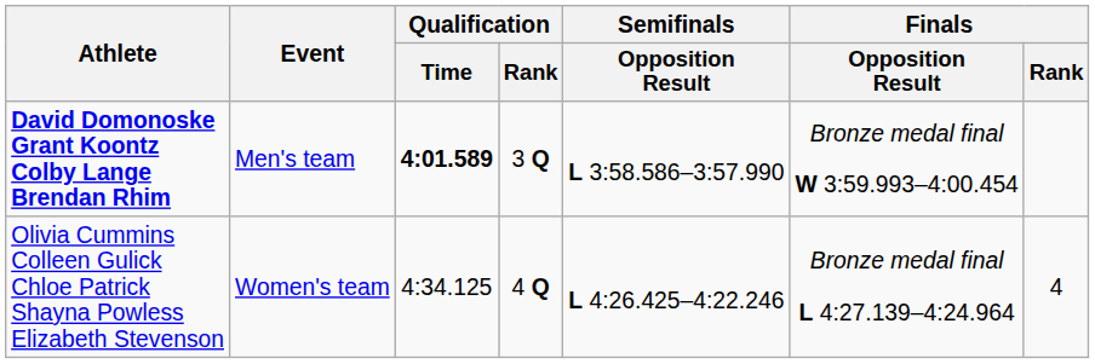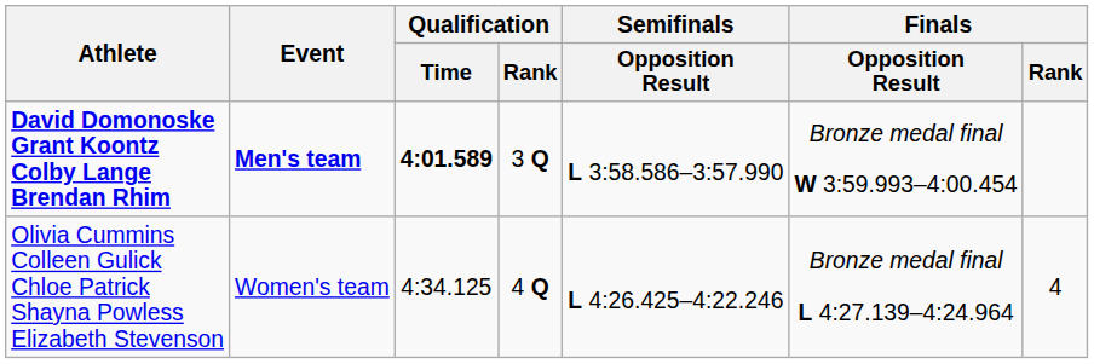 <table class=wikitable style=font-size:90%;text-align:center>
 <tr>
 <th rowspan=2>Athlete</th>
 <th rowspan=2>Event</th>
 <th colspan=2>Qualification</th>
 <th>Semifinals</th>
 <th colspan=2>Finals</th>
 </tr>
 <tr style=font-size:95%>
 <th>Time</th>
 <th>Rank</th>
 <th>Opposition<br>Result</th>
 <th>Opposition<br>Result</th>
 <th>Rank</th>
 </tr>
 <tr>
 <td align=left><strong><a href='#'>David Domonoske</a><br><a href='#'>Grant Koontz</a><br><a href='#'>Colby Lange</a><br><a href='#'>Brendan Rhim</a></strong></td>
-<td align=left><a href='#'>Men's team</a></td>
+<td align=left><strong><a href='#'>Men's team</a></strong></td>
 <td><strong>4:01.589</strong></td>
 <td>3 <strong>Q</strong></td>
 <td><br><strong>L</strong> 3:58.586–3:57.990</td>
 <td><em>Bronze medal final</em><br><br><strong>W</strong> 3:59.993–4:00.454</td>
 <td></td>
 </tr>
 <tr>
 <td align=left><a href='#'>Olivia Cummins</a><br><a href='#'>Colleen Gulick</a><br><a href='#'>Chloe Patrick</a><br><a href='#'>Shayna Powless</a><br><a href='#'>Elizabeth Stevenson</a></td>
 <td align=left><a href='#'>Women's team</a></td>
 <td>4:34.125</td>
 <td>4 <strong>Q</strong></td>
 <td><br><strong>L</strong> 4:26.425–4:22.246</td>
 <td><em>Bronze medal final</em><br><br><strong>L</strong> 4:27.139–4:24.964</td>
 <td>4</td>
 </tr>
 </table>
